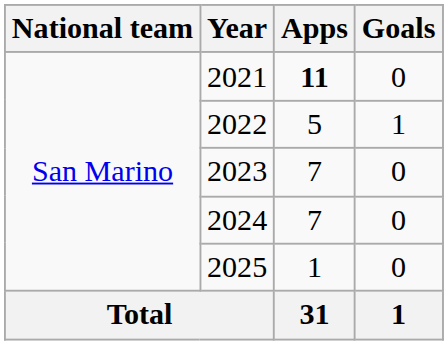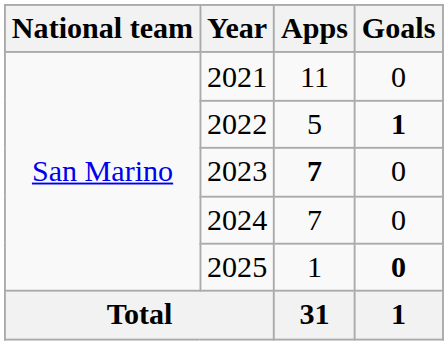 <table class="wikitable" style="text-align:center">
 <tr>
 <th>National team</th>
 <th>Year</th>
 <th>Apps</th>
 <th>Goals</th>
 </tr>
 <tr>
 <td rowspan="5"><a href='#'>San Marino</a></td>
 <td>2021</td>
-<td><strong>11</strong></td>
+<td>11</td>
 <td>0</td>
 </tr>
 <tr>
 <td>2022</td>
 <td>5</td>
-<td>1</td>
+<td><strong>1</strong></td>
 </tr>
 <tr>
 <td>2023</td>
-<td>7</td>
+<td><strong>7</strong></td>
 <td>0</td>
 </tr>
 <tr>
 <td>2024</td>
 <td>7</td>
 <td>0</td>
 </tr>
 <tr>
 <td>2025</td>
 <td>1</td>
-<td>0</td>
+<td><strong>0</strong></td>
 </tr>
 <tr>
 <th colspan="2">Total</th>
 <th>31</th>
 <th>1</th>
 </tr>
 </table>
